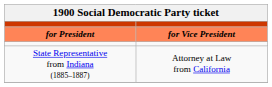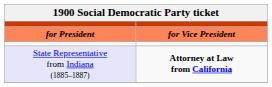 <table class="wikitable" style="font-size:90%; text-align:center;">
 <tr>
 <td style="background:#f1f1f1;" colspan="30"><big><strong>1900 Social Democratic Party ticket</strong></big></td>
 </tr>
 <tr>
 <th style="width:3em; font-size:135%; background:#CD3700; width:200px;"><a href='#'></a></th>
 <th style="width:3em; font-size:135%; background:#CD3700; width:200px;"><a href='#'></a></th>
 </tr>
 <tr>
 <td style="width:3em; font-size:100%; color:#000; background:#FF8457; width:200px;"><strong><em>for President</em></strong></td>
 <td style="width:3em; font-size:100%; color:#000; background:#FF8457; width:200px;"><strong><em>for Vice President</em></strong></td>
 </tr>
 <tr>
 <td></td>
 <td></td>
 </tr>
 <tr>
-<td><a href='#'>State Representative</a><br>from <a href='#'>Indiana</a><br><small>(1885–1887)</small></td>
-<td>Attorney at Law<br>from <a href='#'>California</a></td>
+<td style="background: lavender;"><a href='#'>State Representative</a><br>from <a href='#'>Indiana</a><br><small>(1885–1887)</small></td>
+<td><strong>Attorney at Law<br>from <a href='#'>California</a></strong></td>
 </tr>
 <tr>
 </tr>
 </table>
